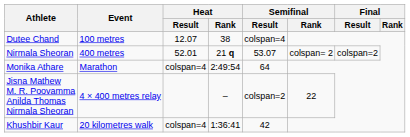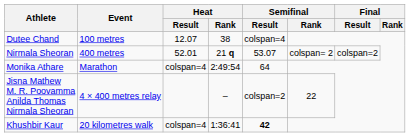 <table class="wikitable" style="font-size:90%">
 <tr>
 <th rowspan="2">Athlete</th>
 <th rowspan="2">Event</th>
 <th colspan="2">Heat</th>
 <th colspan="2">Semifinal</th>
 <th colspan="2">Final</th>
 </tr>
 <tr style="font-size:95%">
 <th>Result</th>
 <th>Rank</th>
 <th>Result</th>
 <th>Rank</th>
 <th>Result</th>
 <th>Rank</th>
 </tr>
 <tr style=text-align:center>
 <td style=text-align:left><a href='#'>Dutee Chand</a></td>
 <td style=text-align:left><a href='#'>100 metres</a></td>
 <td>12.07</td>
 <td>38</td>
 <td>colspan=4 </td>
 </tr>
 <tr style=text-align:center>
 <td style=text-align:left><a href='#'>Nirmala Sheoran</a></td>
 <td style=text-align:left><a href='#'>400 metres</a></td>
 <td>52.01</td>
 <td>21 <strong>q</strong></td>
 <td>53.07</td>
 <td>colspan= 2 </td>
 <td>colspan=2 </td>
 </tr>
 <tr style=text-align:center>
 <td style=text-align:left><a href='#'>Monika Athare</a></td>
 <td style=text-align:left><a href='#'>Marathon</a></td>
 <td>colspan=4</td>
 <td>2:49:54</td>
 <td>64</td>
 </tr>
 <tr style=text-align:center>
 <td style=text-align:left><a href='#'>Jisna Mathew</a><br><a href='#'>M. R. Poovamma</a><br><a href='#'>Anilda Thomas</a><br><a href='#'>Nirmala Sheoran</a></td>
 <td style=text-align:left><a href='#'>4 × 400 metres relay</a></td>
 <td></td>
 <td>–</td>
 <td>colspan=2 </td>
 <td>22</td>
 </tr>
 <tr style=text-align:center>
 <td style=text-align:left><a href='#'>Khushbir Kaur</a></td>
 <td style=text-align:left><a href='#'>20 kilometres walk</a></td>
 <td>colspan=4 </td>
 <td>1:36:41</td>
-<td>42</td>
+<td><strong>42</strong></td>
 </tr>
 </table>
